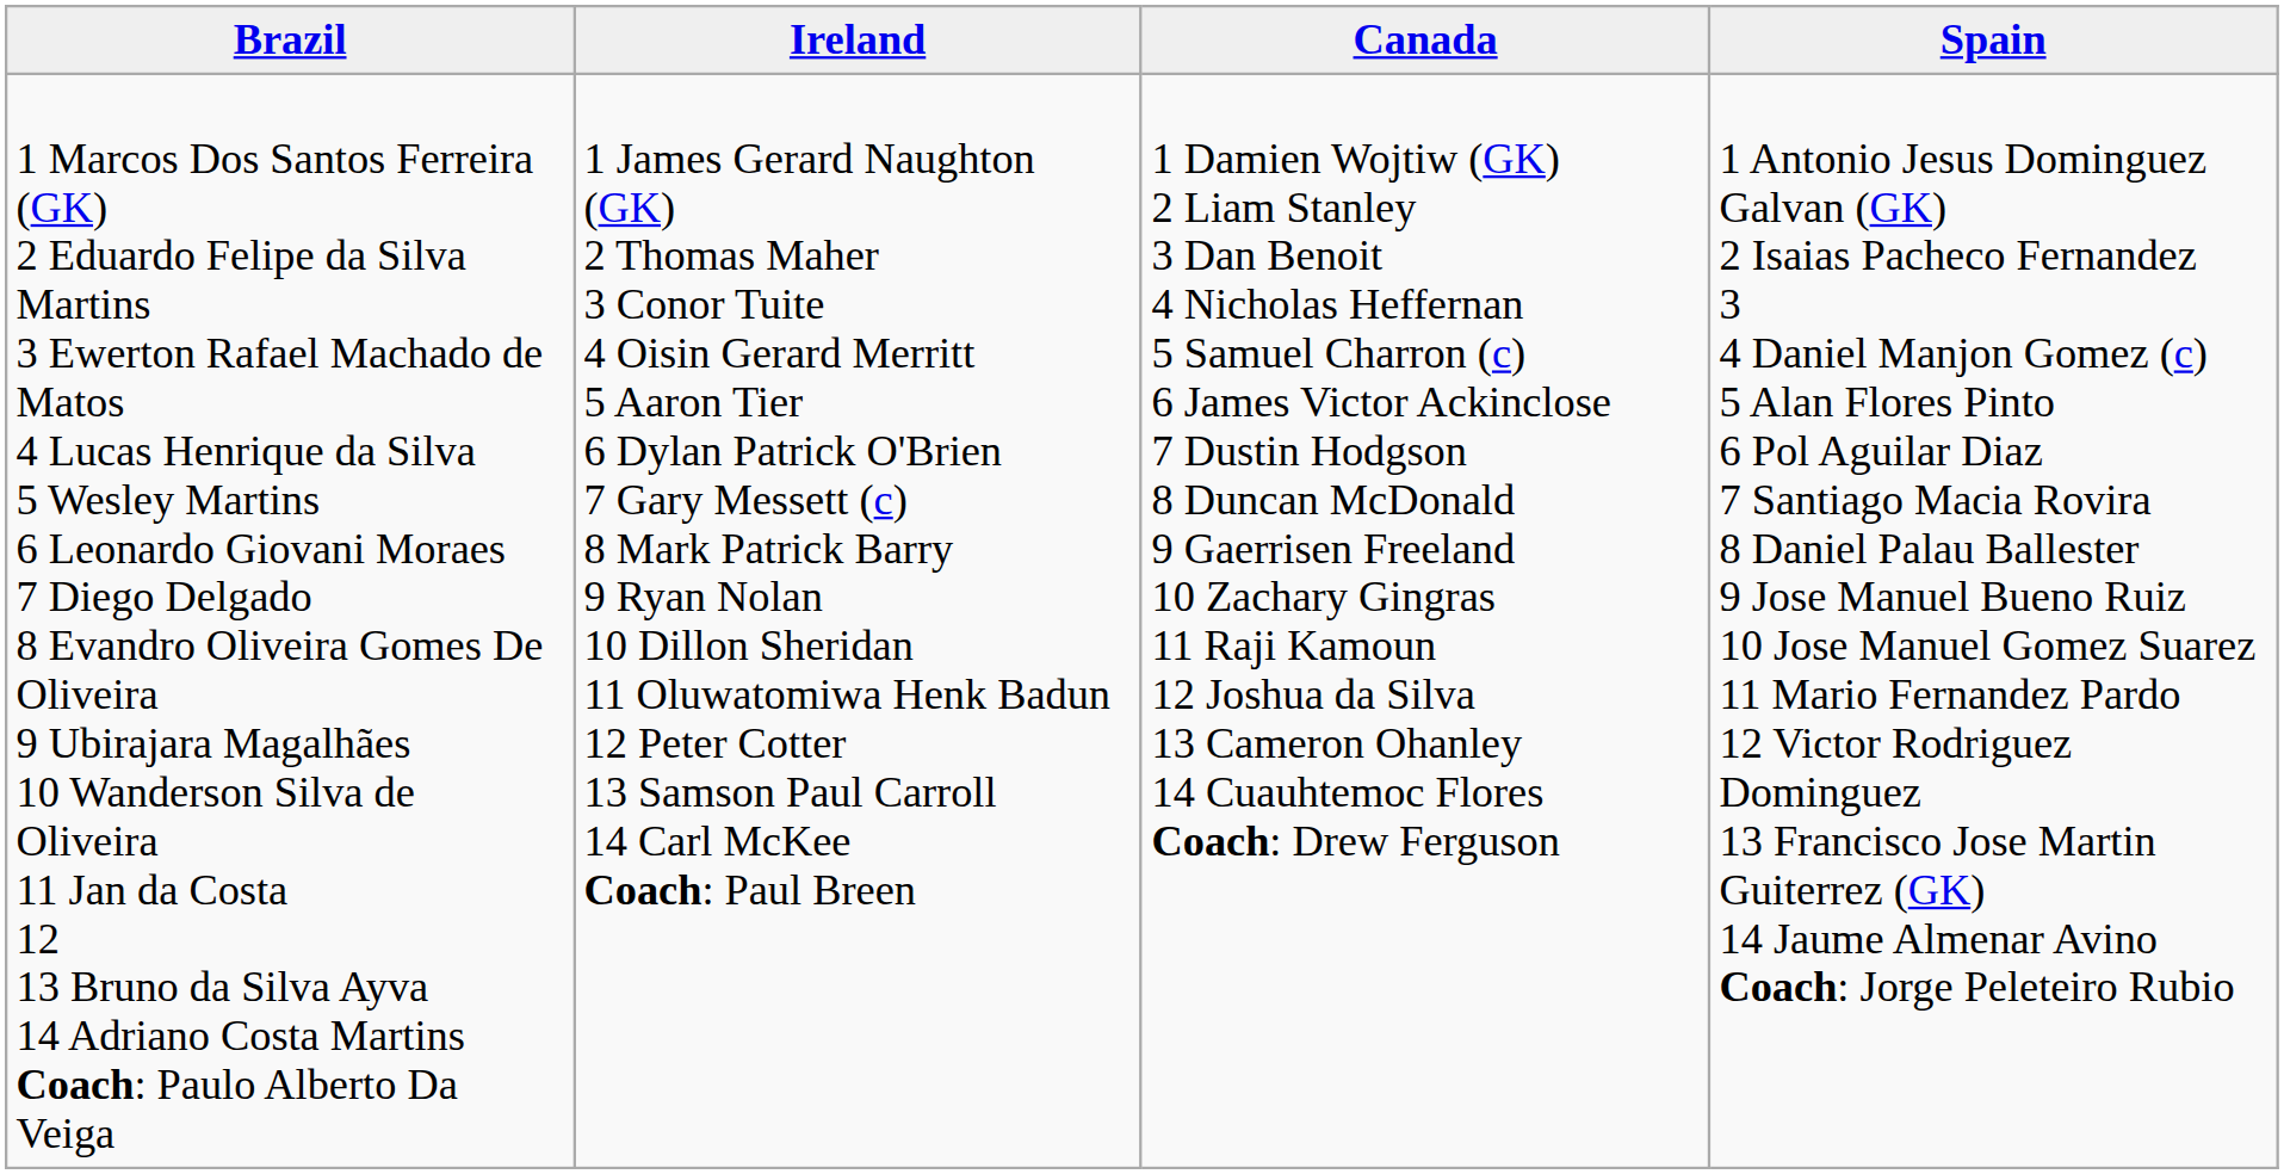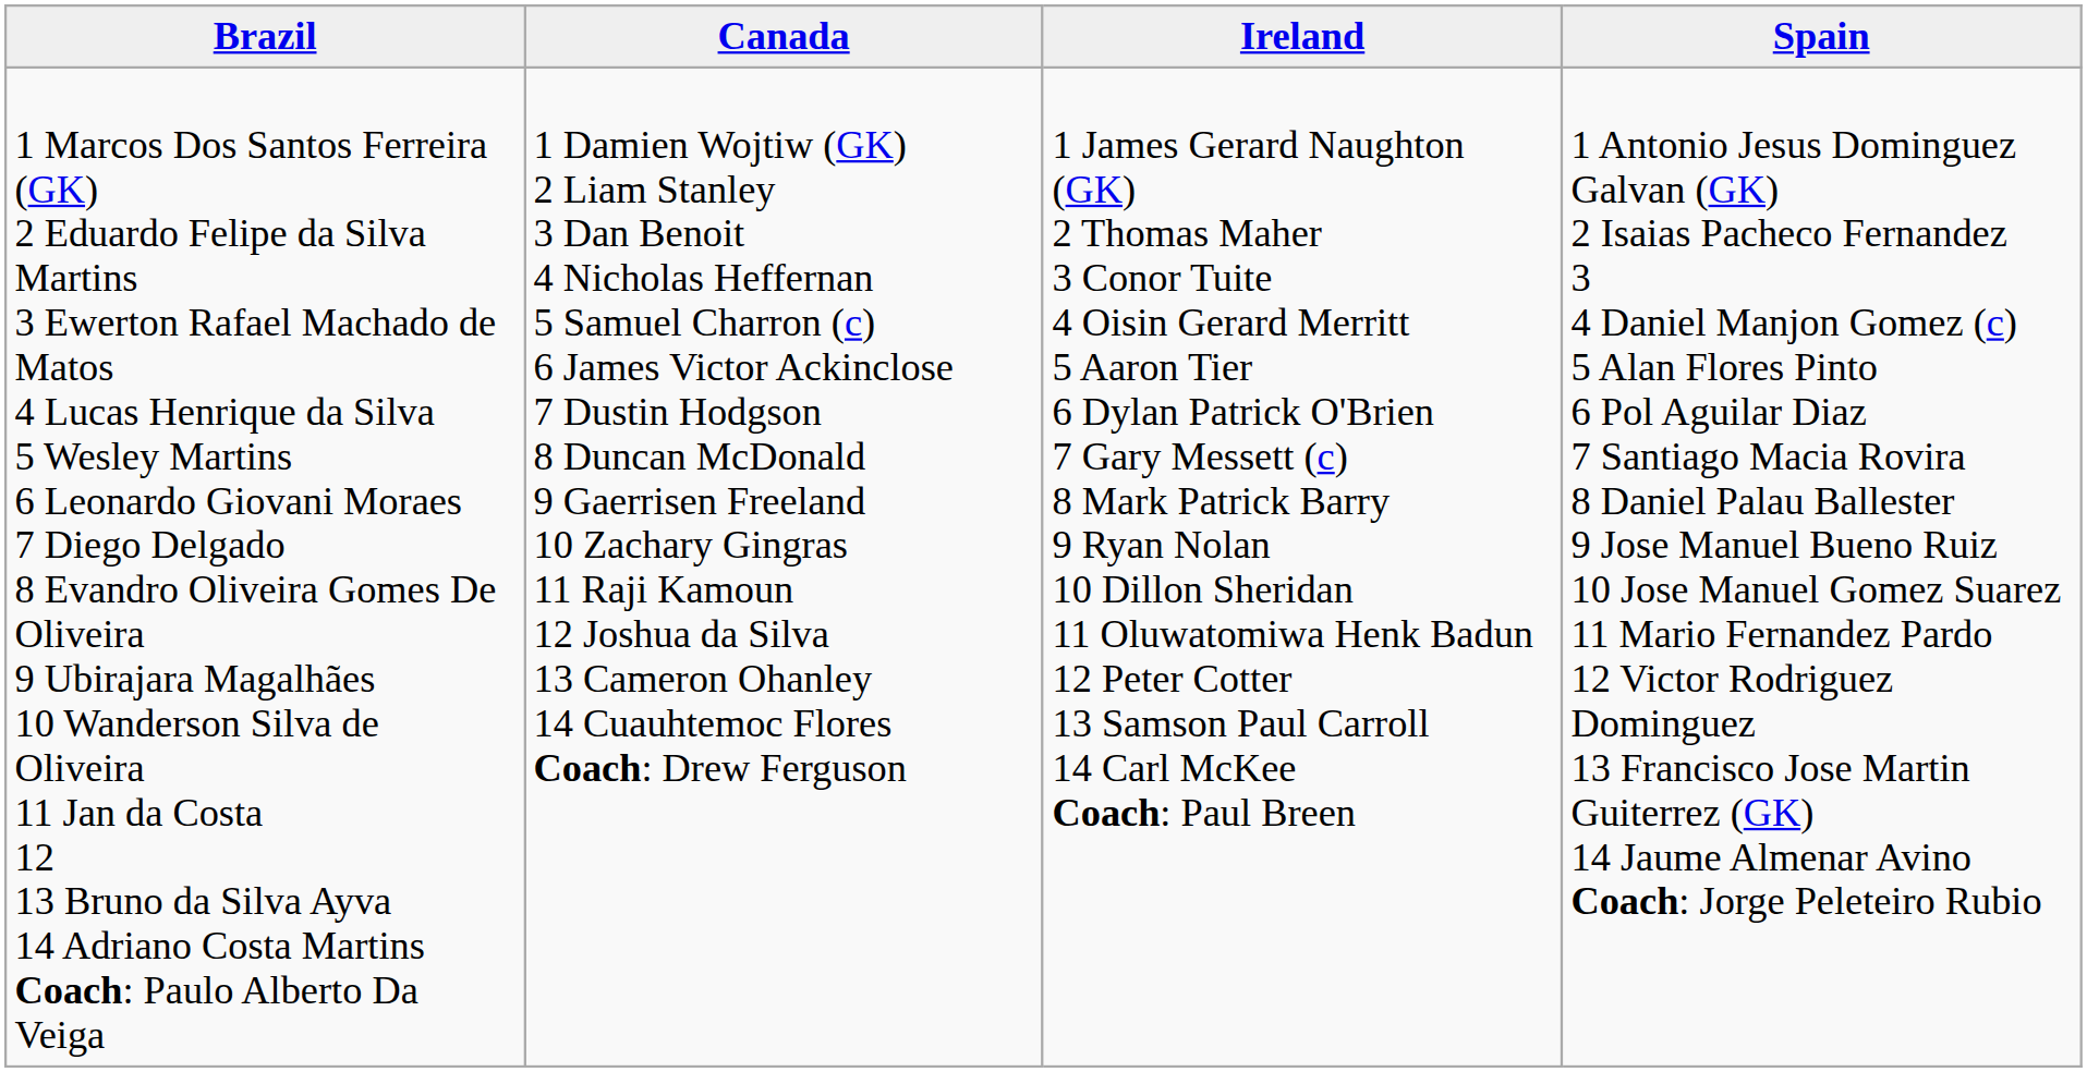 <table class="wikitable mw-collapsible mw-collapsed" cellpadding=5 cellspacing=0 style="width:95%">
 <tr align=center>
 <td bgcolor="#efefef" width="200"><strong> <a href='#'>Brazil</a></strong></td>
+<td bgcolor="#efefef" width="200"><strong> <a href='#'>Canada</a></strong></td>
 <td bgcolor="#efefef" width="200"><strong> <a href='#'>Ireland</a></strong></td>
-<td bgcolor="#efefef" width="200"><strong> <a href='#'>Canada</a></strong></td>
 <td bgcolor="#efefef" width="200"><strong> <a href='#'>Spain</a></strong></td>
 </tr>
 <tr valign=top>
 <td><br>1 Marcos Dos Santos Ferreira (<a href='#'>GK</a>)<br> 2 Eduardo Felipe da Silva Martins<br> 3 Ewerton Rafael Machado de Matos<br> 4 Lucas Henrique da Silva<br> 5 Wesley Martins<br> 6 Leonardo Giovani Moraes<br> 7 Diego Delgado<br> 8 Evandro Oliveira Gomes De Oliveira<br> 9 Ubirajara Magalhães<br> 10 Wanderson Silva de Oliveira<br> 11 Jan da Costa<br> 12<br> 13 Bruno da Silva Ayva<br> 14 Adriano Costa Martins<br> <strong>Coach</strong>: Paulo Alberto Da Veiga</td>
+<td><br>1 Damien Wojtiw (<a href='#'>GK</a>)<br> 2 Liam Stanley<br> 3 Dan Benoit<br> 4 Nicholas Heffernan<br> 5 Samuel Charron (<a href='#'>c</a>)<br> 6 James Victor Ackinclose<br> 7 Dustin Hodgson<br> 8 Duncan McDonald<br> 9 Gaerrisen Freeland<br> 10 Zachary Gingras<br> 11 Raji Kamoun<br> 12 Joshua da Silva<br> 13 Cameron Ohanley<br> 14 Cuauhtemoc Flores<br> <strong>Coach</strong>: Drew Ferguson</td>
 <td><br>1 James Gerard Naughton (<a href='#'>GK</a>)<br> 2 Thomas Maher<br> 3 Conor Tuite<br> 4 Oisin Gerard Merritt<br> 5 Aaron Tier<br> 6 Dylan Patrick O'Brien<br> 7 Gary Messett (<a href='#'>c</a>)<br> 8 Mark Patrick Barry<br> 9 Ryan Nolan<br> 10 Dillon Sheridan<br> 11 Oluwatomiwa Henk Badun<br> 12 Peter Cotter<br> 13 Samson Paul Carroll<br> 14 Carl McKee<br> <strong>Coach</strong>: Paul Breen</td>
-<td><br>1 Damien Wojtiw (<a href='#'>GK</a>)<br> 2 Liam Stanley<br> 3 Dan Benoit<br> 4 Nicholas Heffernan<br> 5 Samuel Charron (<a href='#'>c</a>)<br> 6 James Victor Ackinclose<br> 7 Dustin Hodgson<br> 8 Duncan McDonald<br> 9 Gaerrisen Freeland<br> 10 Zachary Gingras<br> 11 Raji Kamoun<br> 12 Joshua da Silva<br> 13 Cameron Ohanley<br> 14 Cuauhtemoc Flores<br> <strong>Coach</strong>: Drew Ferguson</td>
 <td><br>1 Antonio Jesus Dominguez Galvan (<a href='#'>GK</a>)<br> 2 Isaias Pacheco Fernandez<br> 3 <br> 4 Daniel Manjon Gomez (<a href='#'>c</a>)<br> 5 Alan Flores Pinto<br> 6 Pol Aguilar Diaz<br> 7 Santiago Macia Rovira<br> 8 Daniel Palau Ballester<br> 9 Jose Manuel Bueno Ruiz<br> 10 Jose Manuel Gomez Suarez<br> 11 Mario Fernandez Pardo<br> 12 Victor Rodriguez Dominguez<br> 13 Francisco Jose Martin Guiterrez (<a href='#'>GK</a>)<br> 14 Jaume Almenar Avino<br> <strong>Coach</strong>: Jorge Peleteiro Rubio</td>
 </tr>
 </table>
